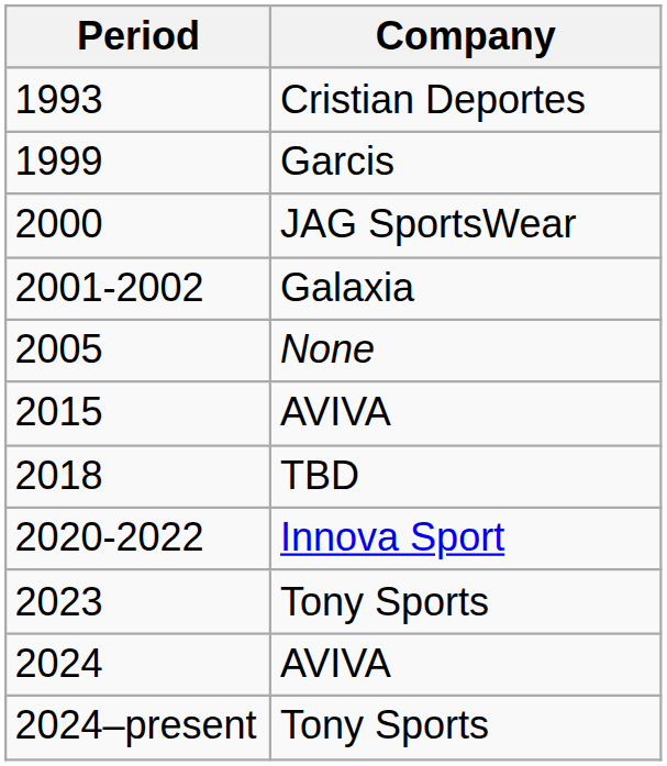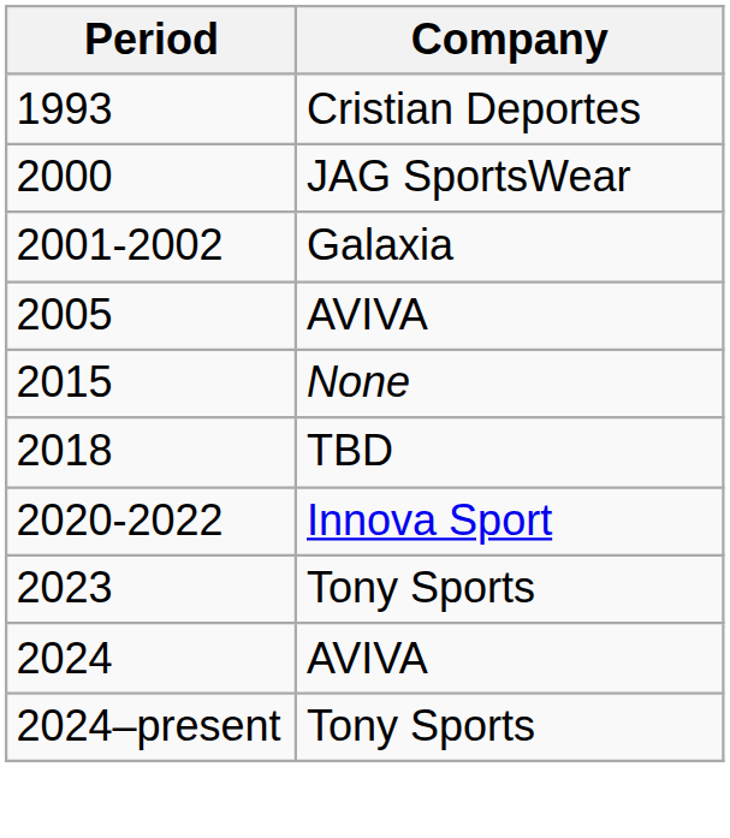 <table class="wikitable sortable">
 <tr>
 <th style="width:100px;">Period</th>
 <th style="width:150px;">Company</th>
 </tr>
 <tr>
 <td>1993</td>
 <td> Cristian Deportes</td>
-</tr>
-<tr>
-<td>1999</td>
-<td> Garcis</td>
 </tr>
 <tr>
 <td>2000</td>
 <td> JAG SportsWear</td>
 </tr>
 <tr>
 <td>2001-2002</td>
 <td> Galaxia</td>
 </tr>
 <tr>
 <td>2005</td>
-<td> <em>None</em></td>
+<td> AVIVA</td>
 </tr>
 <tr>
 <td>2015</td>
-<td> AVIVA</td>
+<td> <em>None</em></td>
 </tr>
 <tr>
 <td>2018</td>
 <td> TBD</td>
 </tr>
 <tr>
 <td>2020-2022</td>
 <td> <a href='#'>Innova Sport</a></td>
 </tr>
 <tr>
 <td>2023</td>
 <td> Tony Sports</td>
 </tr>
 <tr>
 <td>2024</td>
 <td> AVIVA</td>
 </tr>
 <tr>
 <td>2024–present</td>
 <td> Tony Sports</td>
 </tr>
 </table>
